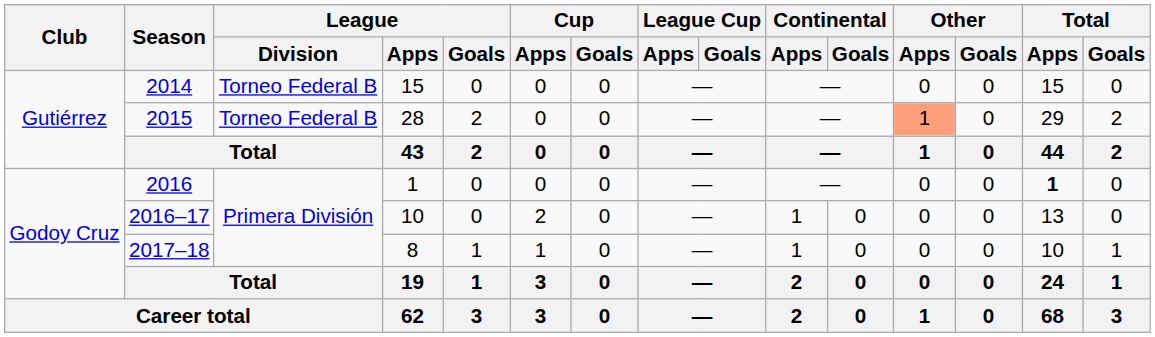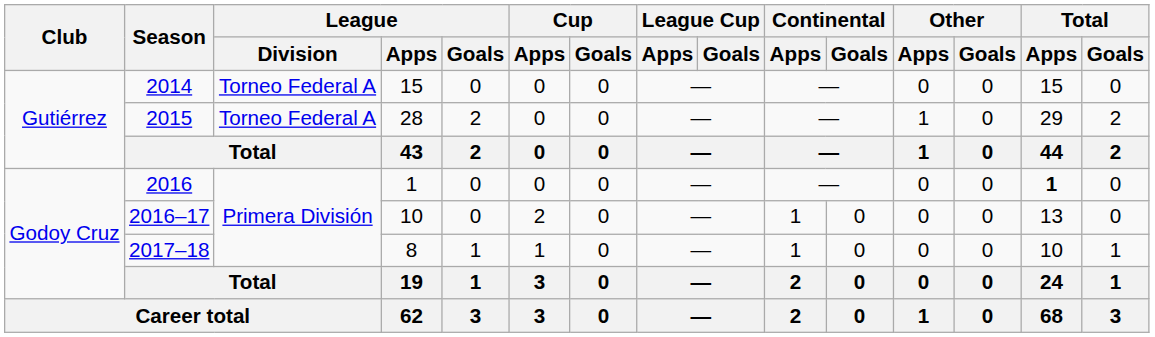 <table class="wikitable" style="text-align:center">
 <tr>
 <th rowspan="2">Club</th>
 <th rowspan="2">Season</th>
 <th colspan="3">League</th>
 <th colspan="2">Cup</th>
 <th colspan="2">League Cup</th>
 <th colspan="2">Continental</th>
 <th colspan="2">Other</th>
 <th colspan="2">Total</th>
 </tr>
 <tr>
 <th>Division</th>
 <th>Apps</th>
 <th>Goals</th>
 <th>Apps</th>
 <th>Goals</th>
 <th>Apps</th>
 <th>Goals</th>
 <th>Apps</th>
 <th>Goals</th>
 <th>Apps</th>
 <th>Goals</th>
 <th>Apps</th>
 <th>Goals</th>
 </tr>
 <tr>
 <td rowspan="3"><a href='#'>Gutiérrez</a></td>
 <td><a href='#'>2014</a></td>
-<td rowspan="1"><a href='#'>Torneo Federal B</a></td>
+<td rowspan="1"><a href='#'>Torneo Federal A</a></td>
 <td>15</td>
 <td>0</td>
 <td>0</td>
 <td>0</td>
 <td colspan="2">—</td>
 <td colspan="2">—</td>
 <td>0</td>
 <td>0</td>
 <td>15</td>
 <td>0</td>
 </tr>
 <tr>
 <td><a href='#'>2015</a></td>
-<td rowspan="1"><a href='#'>Torneo Federal B</a></td>
+<td rowspan="1"><a href='#'>Torneo Federal A</a></td>
 <td>28</td>
 <td>2</td>
 <td>0</td>
 <td>0</td>
 <td colspan="2">—</td>
 <td colspan="2">—</td>
-<td style="background: lightsalmon;">1</td>
+<td>1</td>
 <td>0</td>
 <td>29</td>
 <td>2</td>
 </tr>
 <tr>
 <th colspan="2">Total</th>
 <th>43</th>
 <th>2</th>
 <th>0</th>
 <th>0</th>
 <th colspan="2">—</th>
 <th colspan="2">—</th>
 <th>1</th>
 <th>0</th>
 <th>44</th>
 <th>2</th>
 </tr>
 <tr>
 <td rowspan="4"><a href='#'>Godoy Cruz</a></td>
 <td><a href='#'>2016</a></td>
 <td rowspan="3"><a href='#'>Primera División</a></td>
 <td>1</td>
 <td>0</td>
 <td>0</td>
 <td>0</td>
 <td colspan="2">—</td>
 <td colspan="2">—</td>
 <td>0</td>
 <td>0</td>
 <td><strong>1</strong></td>
 <td>0</td>
 </tr>
 <tr>
 <td><a href='#'>2016–17</a></td>
 <td>10</td>
 <td>0</td>
 <td>2</td>
 <td>0</td>
 <td colspan="2">—</td>
 <td>1</td>
 <td>0</td>
 <td>0</td>
 <td>0</td>
 <td>13</td>
 <td>0</td>
 </tr>
 <tr>
 <td><a href='#'>2017–18</a></td>
 <td>8</td>
 <td>1</td>
 <td>1</td>
 <td>0</td>
 <td colspan="2">—</td>
 <td>1</td>
 <td>0</td>
 <td>0</td>
 <td>0</td>
 <td>10</td>
 <td>1</td>
 </tr>
 <tr>
 <th colspan="2">Total</th>
 <th>19</th>
 <th>1</th>
 <th>3</th>
 <th>0</th>
 <th colspan="2">—</th>
 <th>2</th>
 <th>0</th>
 <th>0</th>
 <th>0</th>
 <th>24</th>
 <th>1</th>
 </tr>
 <tr>
 <th colspan="3">Career total</th>
 <th>62</th>
 <th>3</th>
 <th>3</th>
 <th>0</th>
 <th colspan="2">—</th>
 <th>2</th>
 <th>0</th>
 <th>1</th>
 <th>0</th>
 <th>68</th>
 <th>3</th>
 </tr>
 </table>
